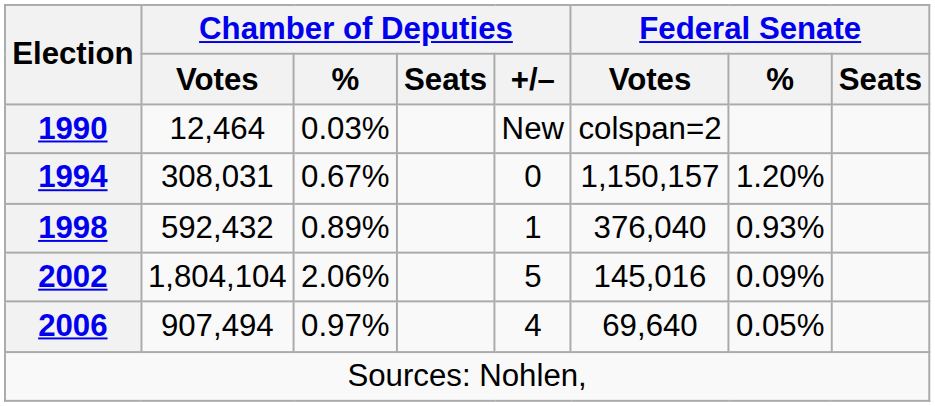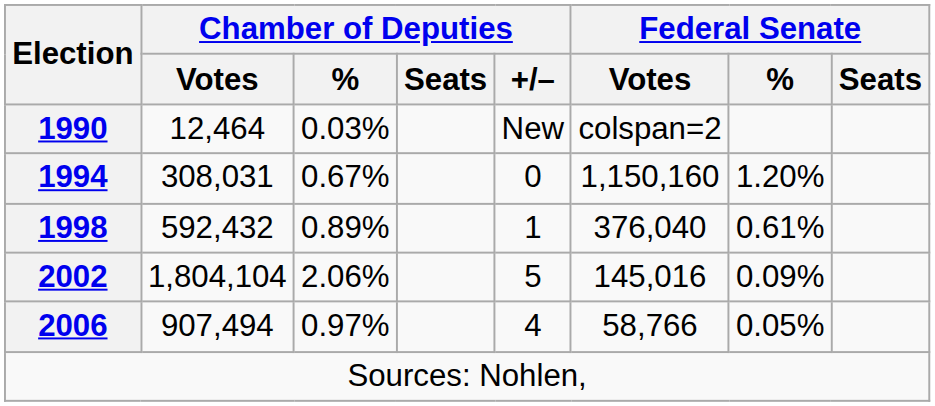 <table class="wikitable" style="text-align:center">
 <tr>
 <th rowspan=2>Election</th>
 <th scope="col" colspan=4><a href='#'>Chamber of Deputies</a></th>
 <th scope="col" colspan=3><a href='#'>Federal Senate</a></th>
 </tr>
 <tr>
 <th>Votes</th>
 <th>%</th>
 <th>Seats</th>
 <th>+/–</th>
 <th>Votes</th>
 <th>%</th>
 <th>Seats</th>
 </tr>
 <tr>
 <th><a href='#'>1990</a></th>
 <td>12,464</td>
 <td>0.03%</td>
 <td></td>
 <td>New</td>
 <td>colspan=2 </td>
 <td></td>
 </tr>
 <tr>
 <th><a href='#'>1994</a></th>
 <td>308,031</td>
 <td>0.67%</td>
 <td></td>
 <td> 0</td>
-<td>1,150,157</td>
+<td>1,150,160</td>
 <td>1.20%</td>
 <td></td>
 </tr>
 <tr>
 <th><a href='#'>1998</a></th>
 <td>592,432</td>
 <td>0.89%</td>
 <td></td>
 <td> 1</td>
 <td>376,040</td>
-<td>0.93%</td>
+<td>0.61%</td>
 <td></td>
 </tr>
 <tr>
 <th><a href='#'>2002</a></th>
 <td>1,804,104</td>
 <td>2.06%</td>
 <td></td>
 <td> 5</td>
 <td>145,016</td>
 <td>0.09%</td>
 <td></td>
 </tr>
 <tr>
 <th><a href='#'>2006</a></th>
 <td>907,494</td>
 <td>0.97%</td>
 <td></td>
 <td> 4</td>
-<td>69,640</td>
+<td>58,766</td>
 <td>0.05%</td>
 <td></td>
 </tr>
 <tr>
 <td colspan=9>Sources: Nohlen, </td>
 </tr>
 </table>
